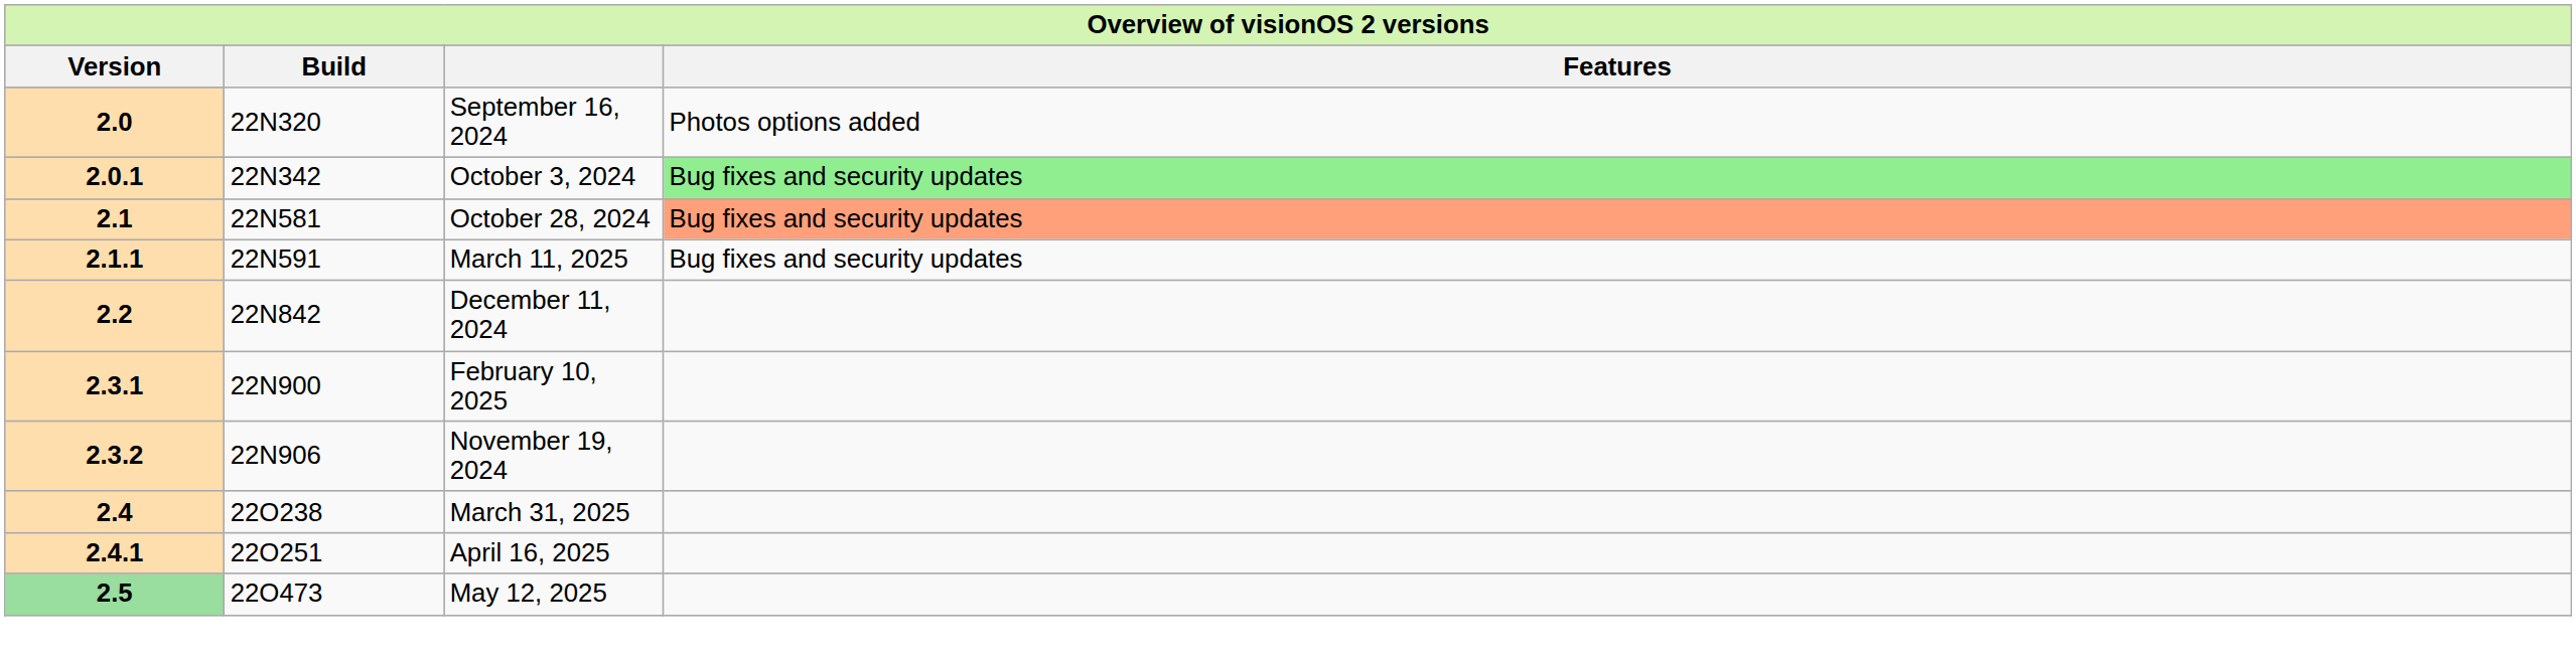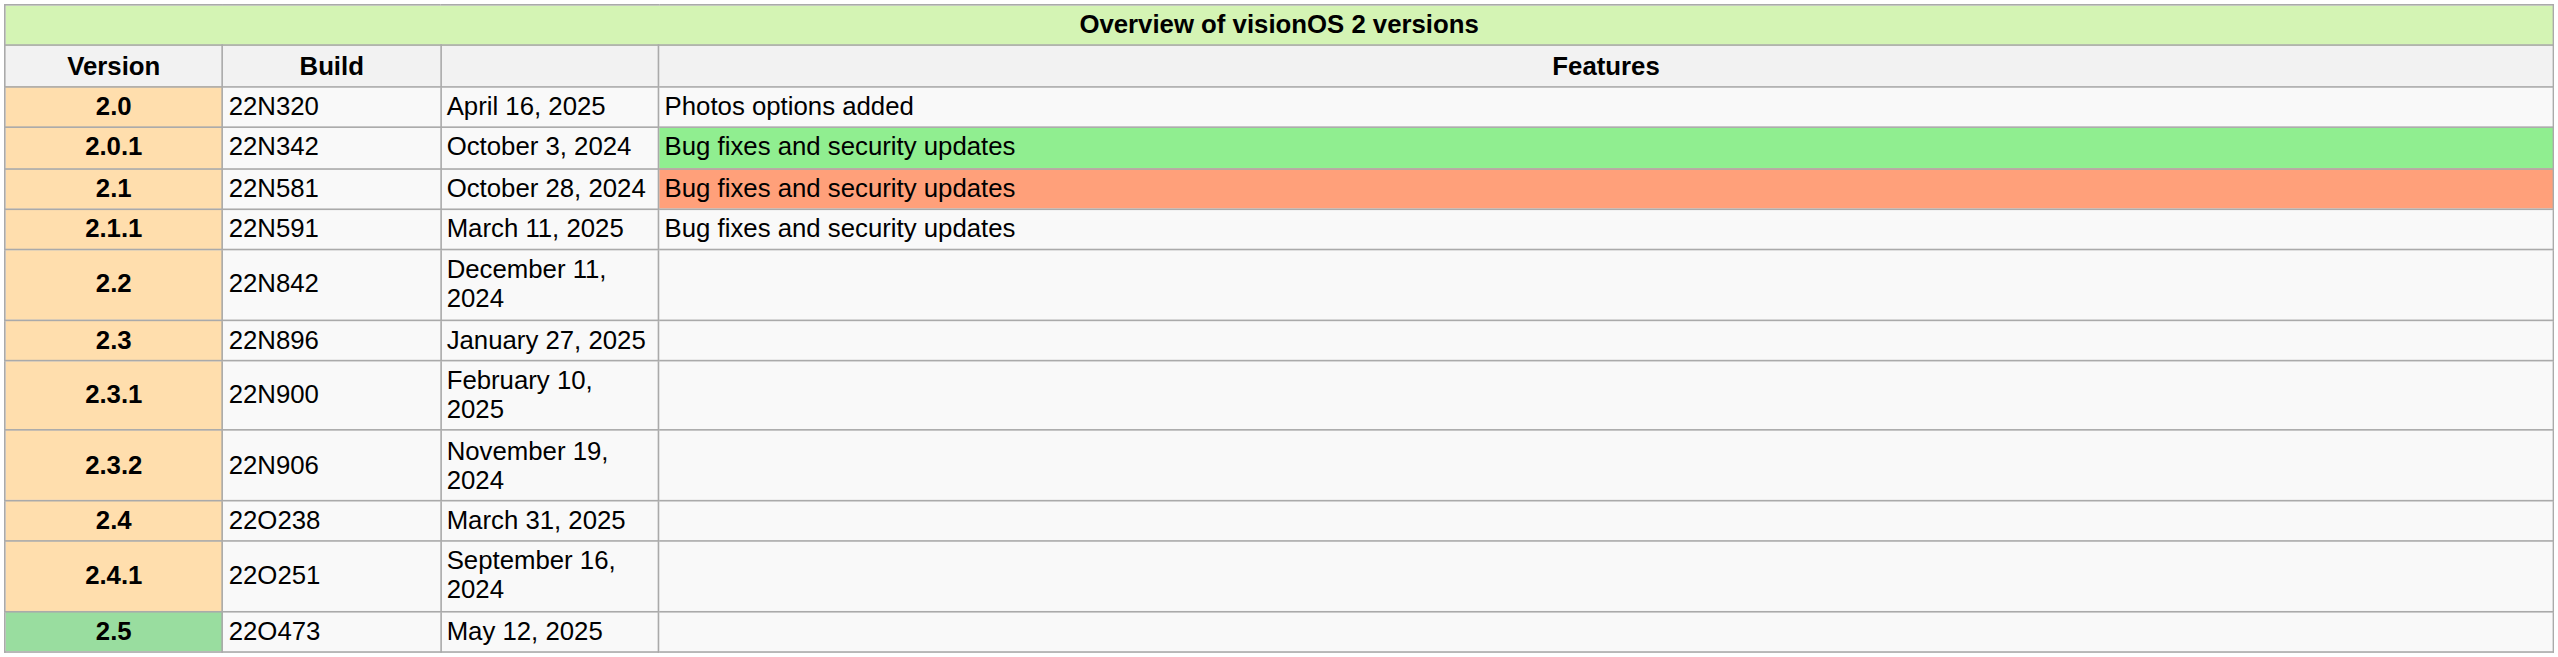 <table class="wikitable mw-collapsible mw-uncollapsed" style="width:100%;">
 <tr>
 <th colspan="4" style="background:#d4f4b4">Overview of visionOS 2 versions</th>
 </tr>
 <tr>
 <th scope="col" style="width:8em;">Version</th>
 <th scope="col" style="width:8em;">Build</th>
 <th scope="col" style="width:8em;"></th>
 <th scope="col">Features</th>
 </tr>
 <tr>
 <th scope="row" style="background:#FFDEAD;">2.0</th>
 <td>22N320</td>
-<td>September 16, 2024</td>
+<td>April 16, 2025</td>
 <td>Photos options added</td>
 </tr>
 <tr>
 <th style="background:#FFDEAD;">2.0.1</th>
 <td>22N342</td>
 <td>October 3, 2024</td>
 <td style="background: lightgreen;">Bug fixes and security updates</td>
 </tr>
 <tr>
 <th style="background:#FFDEAD;”">2.1</th>
 <td>22N581</td>
 <td>October 28, 2024</td>
 <td style="background: lightsalmon;">Bug fixes and security updates</td>
 </tr>
 <tr>
 <th style="background:#FFDEAD;”">2.1.1</th>
 <td>22N591</td>
 <td>March 11, 2025</td>
 <td>Bug fixes and security updates</td>
 </tr>
 <tr>
 <th style="background:#FFDEAD;">2.2</th>
 <td>22N842</td>
 <td>December 11, 2024</td>
 <td></td>
 </tr>
 <tr>
+<th style="background:#FFDEAD;">2.3</th>
+<td>22N896</td>
+<td>January 27, 2025</td>
+<td></td>
+</tr>
+<tr>
 <th style="background:#FFDEAD;">2.3.1</th>
 <td>22N900</td>
 <td>February 10, 2025</td>
 <td></td>
 </tr>
 <tr>
 <th style="background:#FFDEAD;">2.3.2</th>
 <td>22N906</td>
 <td>November 19, 2024</td>
 <td></td>
 </tr>
 <tr>
 <th style="background:#FFDEAD;">2.4 </th>
 <td>22O238</td>
 <td>March 31, 2025</td>
 <td></td>
 </tr>
 <tr>
 <th style="background:#FFDEAD;">2.4.1 </th>
 <td>22O251</td>
-<td>April 16, 2025</td>
+<td>September 16, 2024</td>
 <td></td>
 </tr>
 <tr>
 <th style="background:#99DD9F;">2.5</th>
 <td>22O473</td>
 <td>May 12, 2025</td>
 <td></td>
 </tr>
 </table>
